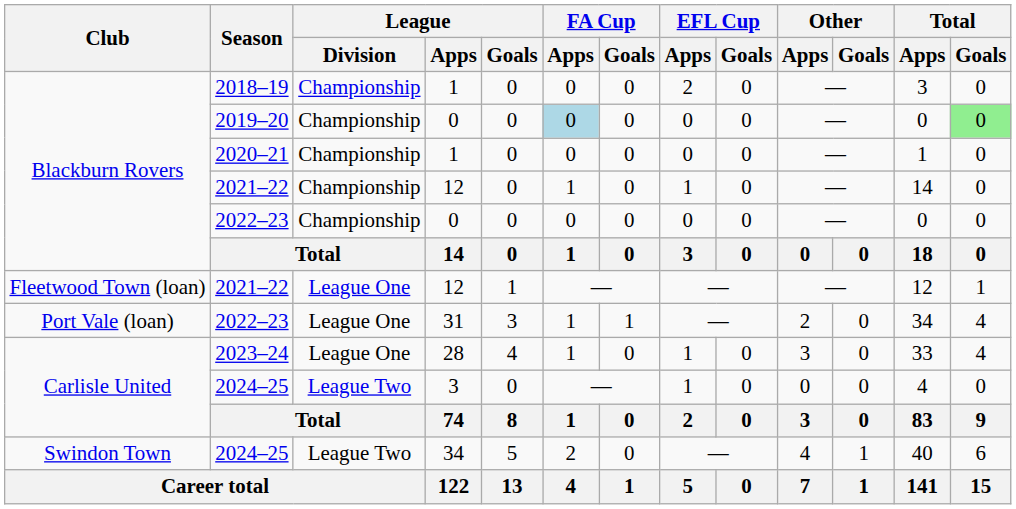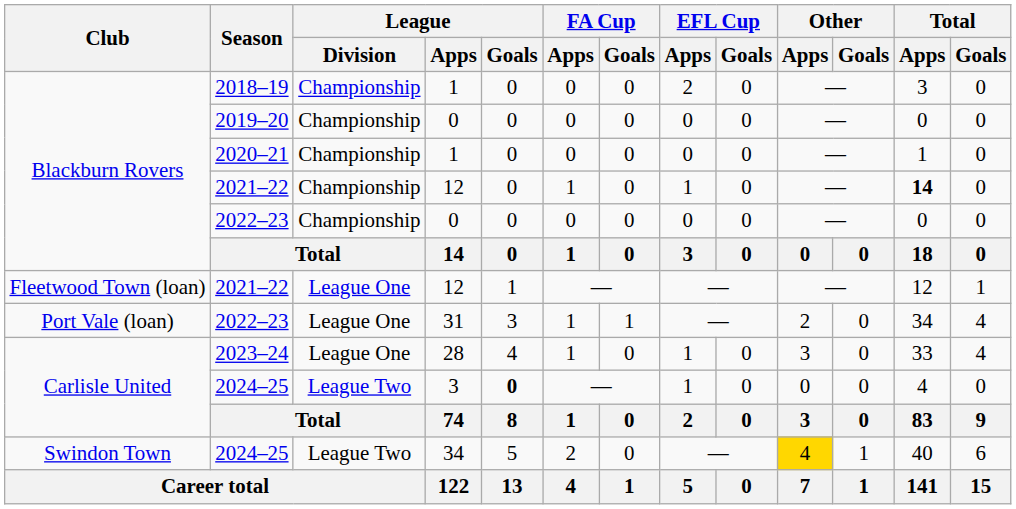 <table class="wikitable" style="text-align: center;">
 <tr>
 <th rowspan="2">Club</th>
 <th rowspan="2">Season</th>
 <th colspan="3">League</th>
 <th colspan="2"><a href='#'>FA Cup</a></th>
 <th colspan="2"><a href='#'>EFL Cup</a></th>
 <th colspan="2">Other</th>
 <th colspan="2">Total</th>
 </tr>
 <tr>
 <th>Division</th>
 <th>Apps</th>
 <th>Goals</th>
 <th>Apps</th>
 <th>Goals</th>
 <th>Apps</th>
 <th>Goals</th>
 <th>Apps</th>
 <th>Goals</th>
 <th>Apps</th>
 <th>Goals</th>
 </tr>
 <tr>
 <td rowspan="6"><a href='#'>Blackburn Rovers</a></td>
 <td><a href='#'>2018–19</a></td>
 <td><a href='#'>Championship</a></td>
 <td>1</td>
 <td>0</td>
 <td>0</td>
 <td>0</td>
 <td>2</td>
 <td>0</td>
 <td colspan=2>—</td>
 <td>3</td>
 <td>0</td>
 </tr>
 <tr>
 <td><a href='#'>2019–20</a></td>
 <td>Championship</td>
 <td>0</td>
 <td>0</td>
-<td style="background: lightblue;">0</td>
+<td>0</td>
 <td>0</td>
 <td>0</td>
 <td>0</td>
 <td colspan=2>—</td>
 <td>0</td>
-<td style="background: lightgreen;">0</td>
+<td>0</td>
 </tr>
 <tr>
 <td><a href='#'>2020–21</a></td>
 <td>Championship</td>
 <td>1</td>
 <td>0</td>
 <td>0</td>
 <td>0</td>
 <td>0</td>
 <td>0</td>
 <td colspan=2>—</td>
 <td>1</td>
 <td>0</td>
 </tr>
 <tr>
 <td><a href='#'>2021–22</a></td>
 <td>Championship</td>
 <td>12</td>
 <td>0</td>
 <td>1</td>
 <td>0</td>
 <td>1</td>
 <td>0</td>
 <td colspan=2>—</td>
-<td>14</td>
+<td><strong>14</strong></td>
 <td>0</td>
 </tr>
 <tr>
 <td><a href='#'>2022–23</a></td>
 <td>Championship</td>
 <td>0</td>
 <td>0</td>
 <td>0</td>
 <td>0</td>
 <td>0</td>
 <td>0</td>
 <td colspan=2>—</td>
 <td>0</td>
 <td>0</td>
 </tr>
 <tr>
 <th colspan=2>Total</th>
 <th>14</th>
 <th>0</th>
 <th>1</th>
 <th>0</th>
 <th>3</th>
 <th>0</th>
 <th>0</th>
 <th>0</th>
 <th>18</th>
 <th>0</th>
 </tr>
 <tr>
 <td><a href='#'>Fleetwood Town</a> (loan)</td>
 <td><a href='#'>2021–22</a></td>
 <td><a href='#'>League One</a></td>
 <td>12</td>
 <td>1</td>
 <td colspan=2>—</td>
 <td colspan=2>—</td>
 <td colspan=2>—</td>
 <td>12</td>
 <td>1</td>
 </tr>
 <tr>
 <td><a href='#'>Port Vale</a> (loan)</td>
 <td><a href='#'>2022–23</a></td>
 <td>League One</td>
 <td>31</td>
 <td>3</td>
 <td>1</td>
 <td>1</td>
 <td colspan=2>—</td>
 <td>2</td>
 <td>0</td>
 <td>34</td>
 <td>4</td>
 </tr>
 <tr>
 <td rowspan=3><a href='#'>Carlisle United</a></td>
 <td><a href='#'>2023–24</a></td>
 <td>League One</td>
 <td>28</td>
 <td>4</td>
 <td>1</td>
 <td>0</td>
 <td>1</td>
 <td>0</td>
 <td>3</td>
 <td>0</td>
 <td>33</td>
 <td>4</td>
 </tr>
 <tr>
 <td><a href='#'>2024–25</a></td>
 <td><a href='#'>League Two</a></td>
 <td>3</td>
-<td>0</td>
+<td><strong>0</strong></td>
 <td colspan=2>—</td>
 <td>1</td>
 <td>0</td>
 <td>0</td>
 <td>0</td>
 <td>4</td>
 <td>0</td>
 </tr>
 <tr>
 <th colspan="2">Total</th>
 <th>74</th>
 <th>8</th>
 <th>1</th>
 <th>0</th>
 <th>2</th>
 <th>0</th>
 <th>3</th>
 <th>0</th>
 <th>83</th>
 <th>9</th>
 </tr>
 <tr>
 <td><a href='#'>Swindon Town</a></td>
 <td><a href='#'>2024–25</a></td>
 <td>League Two</td>
 <td>34</td>
 <td>5</td>
 <td>2</td>
 <td>0</td>
 <td colspan=2>—</td>
-<td>4</td>
+<td style="background: gold;">4</td>
 <td>1</td>
 <td>40</td>
 <td>6</td>
 </tr>
 <tr>
 <th colspan="3">Career total</th>
 <th>122</th>
 <th>13</th>
 <th>4</th>
 <th>1</th>
 <th>5</th>
 <th>0</th>
 <th>7</th>
 <th>1</th>
 <th>141</th>
 <th>15</th>
 </tr>
 </table>
